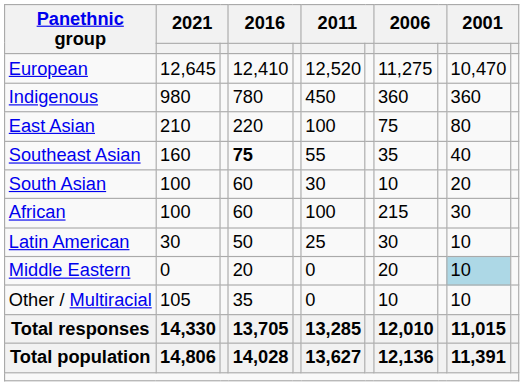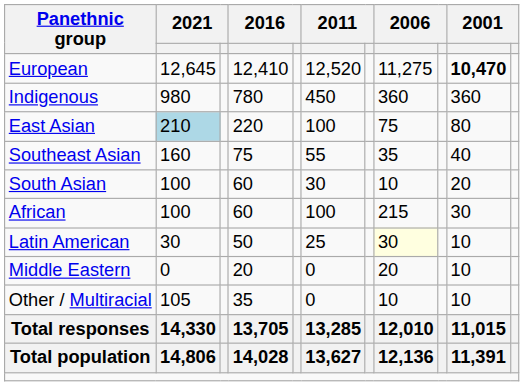 <table class="wikitable collapsible sortable">
 <tr>
 <th rowspan="2"><a href='#'>Panethnic</a><br>group</th>
 <th colspan="2">2021</th>
 <th colspan="2">2016</th>
 <th colspan="2">2011</th>
 <th colspan="2">2006</th>
 <th colspan="2">2001</th>
 </tr>
 <tr>
 <th><a href='#'></a></th>
 <th></th>
 <th></th>
 <th></th>
 <th></th>
 <th></th>
 <th></th>
 <th></th>
 <th></th>
 <th></th>
 </tr>
 <tr>
 <td><a href='#'>European</a></td>
 <td>12,645</td>
 <td></td>
 <td>12,410</td>
 <td></td>
 <td>12,520</td>
 <td></td>
 <td>11,275</td>
 <td></td>
-<td>10,470</td>
+<td><strong>10,470</strong></td>
 <td></td>
 </tr>
 <tr>
 <td><a href='#'>Indigenous</a></td>
 <td>980</td>
 <td></td>
 <td>780</td>
 <td></td>
 <td>450</td>
 <td></td>
 <td>360</td>
 <td></td>
 <td>360</td>
 <td></td>
 </tr>
 <tr>
 <td><a href='#'>East Asian</a></td>
-<td>210</td>
+<td style="background: lightblue;">210</td>
 <td></td>
 <td>220</td>
 <td></td>
 <td>100</td>
 <td></td>
 <td>75</td>
 <td></td>
 <td>80</td>
 <td></td>
 </tr>
 <tr>
 <td><a href='#'>Southeast Asian</a></td>
 <td>160</td>
 <td></td>
-<td><strong>75</strong></td>
+<td>75</td>
 <td></td>
 <td>55</td>
 <td></td>
 <td>35</td>
 <td></td>
 <td>40</td>
 <td></td>
 </tr>
 <tr>
 <td><a href='#'>South Asian</a></td>
 <td>100</td>
 <td></td>
 <td>60</td>
 <td></td>
 <td>30</td>
 <td></td>
 <td>10</td>
 <td></td>
 <td>20</td>
 <td></td>
 </tr>
 <tr>
 <td><a href='#'>African</a></td>
 <td>100</td>
 <td></td>
 <td>60</td>
 <td></td>
 <td>100</td>
 <td></td>
 <td>215</td>
 <td></td>
 <td>30</td>
 <td></td>
 </tr>
 <tr>
 <td><a href='#'>Latin American</a></td>
 <td>30</td>
 <td></td>
 <td>50</td>
 <td></td>
 <td>25</td>
 <td></td>
-<td>30</td>
+<td style="background: lightyellow;">30</td>
 <td></td>
 <td>10</td>
 <td></td>
 </tr>
 <tr>
 <td><a href='#'>Middle Eastern</a></td>
 <td>0</td>
 <td></td>
 <td>20</td>
 <td></td>
 <td>0</td>
 <td></td>
 <td>20</td>
 <td></td>
-<td style="background: lightblue;">10</td>
+<td>10</td>
 <td></td>
 </tr>
 <tr>
 <td>Other / <a href='#'>Multiracial</a></td>
 <td>105</td>
 <td></td>
 <td>35</td>
 <td></td>
 <td>0</td>
 <td></td>
 <td>10</td>
 <td></td>
 <td>10</td>
 <td></td>
 </tr>
 <tr>
 <th>Total responses</th>
 <th>14,330</th>
 <th></th>
 <th>13,705</th>
 <th></th>
 <th>13,285</th>
 <th></th>
 <th>12,010</th>
 <th></th>
 <th>11,015</th>
 <th></th>
 </tr>
 <tr>
 <th>Total population</th>
 <th>14,806</th>
 <th></th>
 <th>14,028</th>
 <th></th>
 <th>13,627</th>
 <th></th>
 <th>12,136</th>
 <th></th>
 <th>11,391</th>
 <th></th>
 </tr>
 <tr class="sortbottom">
 <td colspan="15"></td>
 </tr>
 </table>
